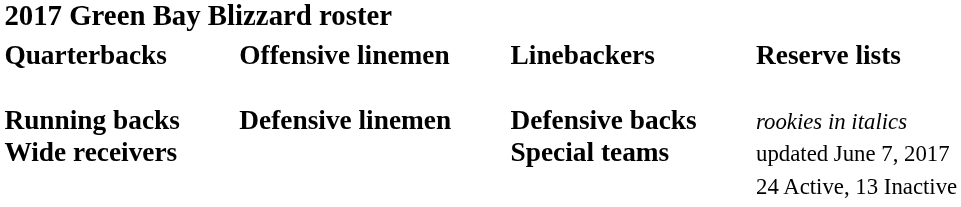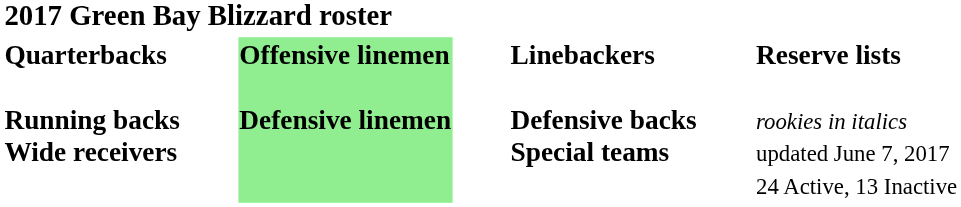 <table class="toccolours" style="text-align: left;">
 <tr>
 <th colspan="7"><strong>2017 Green Bay Blizzard roster</strong></th>
 </tr>
 <tr>
 <td style="font-size: 95%;vertical-align:top;"><strong>Quarterbacks</strong><br><br><strong>Running backs</strong> <br><strong>Wide receivers</strong>      </td>
 <td style="width: 25px;"></td>
-<td style="font-size: 95%;vertical-align:top;"><strong>Offensive linemen</strong><br>   <br><strong>Defensive linemen</strong>    </td>
+<td style="background: lightgreen; font-size: 95%;vertical-align:top;"><strong>Offensive linemen</strong><br>   <br><strong>Defensive linemen</strong>    </td>
 <td style="width: 25px;"></td>
 <td style="font-size: 95%;vertical-align:top;"><strong>Linebackers</strong><br><br><strong>Defensive backs</strong>      <br><strong>Special teams</strong> </td>
 <td style="width: 25px;"></td>
 <td style="font-size: 95%;vertical-align:top;"><strong>Reserve lists</strong><br>            <br><small><em>rookies in italics</em><br><span></span> updated June 7, 2017</small><br> <small>24 Active, 13 Inactive</small></td>
 </tr>
 <tr>
 </tr>
 </table>
